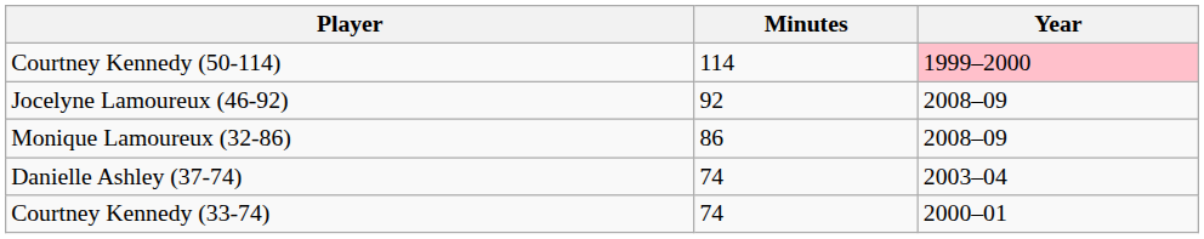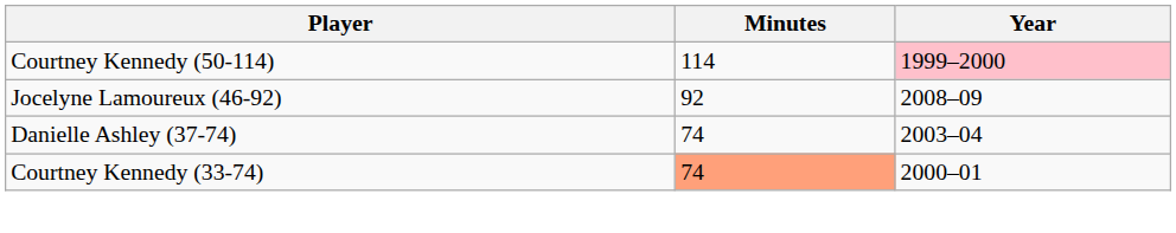 <table class="wikitable" style="width: 50em">
 <tr>
 <th>Player</th>
 <th>Minutes</th>
 <th>Year</th>
 </tr>
 <tr>
 <td>Courtney Kennedy (50-114)</td>
 <td>114</td>
 <td style="background: pink;">1999–2000</td>
 </tr>
 <tr>
 <td>Jocelyne Lamoureux (46-92)</td>
 <td>92</td>
 <td>2008–09</td>
 </tr>
 <tr>
-<td>Monique Lamoureux (32-86)</td>
-<td>86</td>
-<td>2008–09</td>
-</tr>
-<tr>
 <td>Danielle Ashley (37-74)</td>
 <td>74</td>
 <td>2003–04</td>
 </tr>
 <tr>
 <td>Courtney Kennedy (33-74)</td>
-<td>74</td>
+<td style="background: lightsalmon;">74</td>
 <td>2000–01</td>
 </tr>
 </table>
